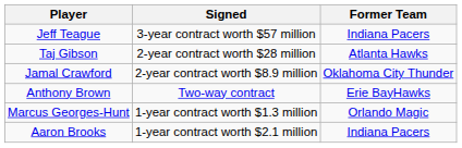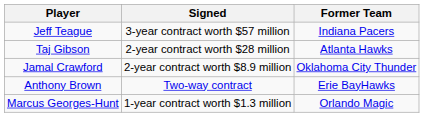 <table class="wikitable sortable sortable">
 <tr>
 <th>Player</th>
 <th>Signed</th>
 <th>Former Team</th>
 </tr>
 <tr style="text-align: center">
 <td><a href='#'>Jeff Teague</a></td>
 <td>3-year contract worth $57 million</td>
 <td><a href='#'>Indiana Pacers</a></td>
 </tr>
 <tr style="text-align: center">
 <td><a href='#'>Taj Gibson</a></td>
 <td>2-year contract worth $28 million</td>
 <td><a href='#'>Atlanta Hawks</a></td>
 </tr>
 <tr style="text-align: center">
 <td><a href='#'>Jamal Crawford</a></td>
 <td>2-year contract worth $8.9 million</td>
 <td><a href='#'>Oklahoma City Thunder</a></td>
 </tr>
 <tr style="text-align: center">
 <td><a href='#'>Anthony Brown</a></td>
 <td><a href='#'>Two-way contract</a></td>
 <td><a href='#'>Erie BayHawks</a></td>
 </tr>
 <tr style="text-align: center">
 <td><a href='#'>Marcus Georges-Hunt</a></td>
 <td>1-year contract worth $1.3 million</td>
 <td><a href='#'>Orlando Magic</a></td>
 </tr>
-<tr style="text-align: center">
-<td><a href='#'>Aaron Brooks</a></td>
-<td>1-year contract worth $2.1 million</td>
-<td><a href='#'>Indiana Pacers</a></td>
-</tr>
 </table>
